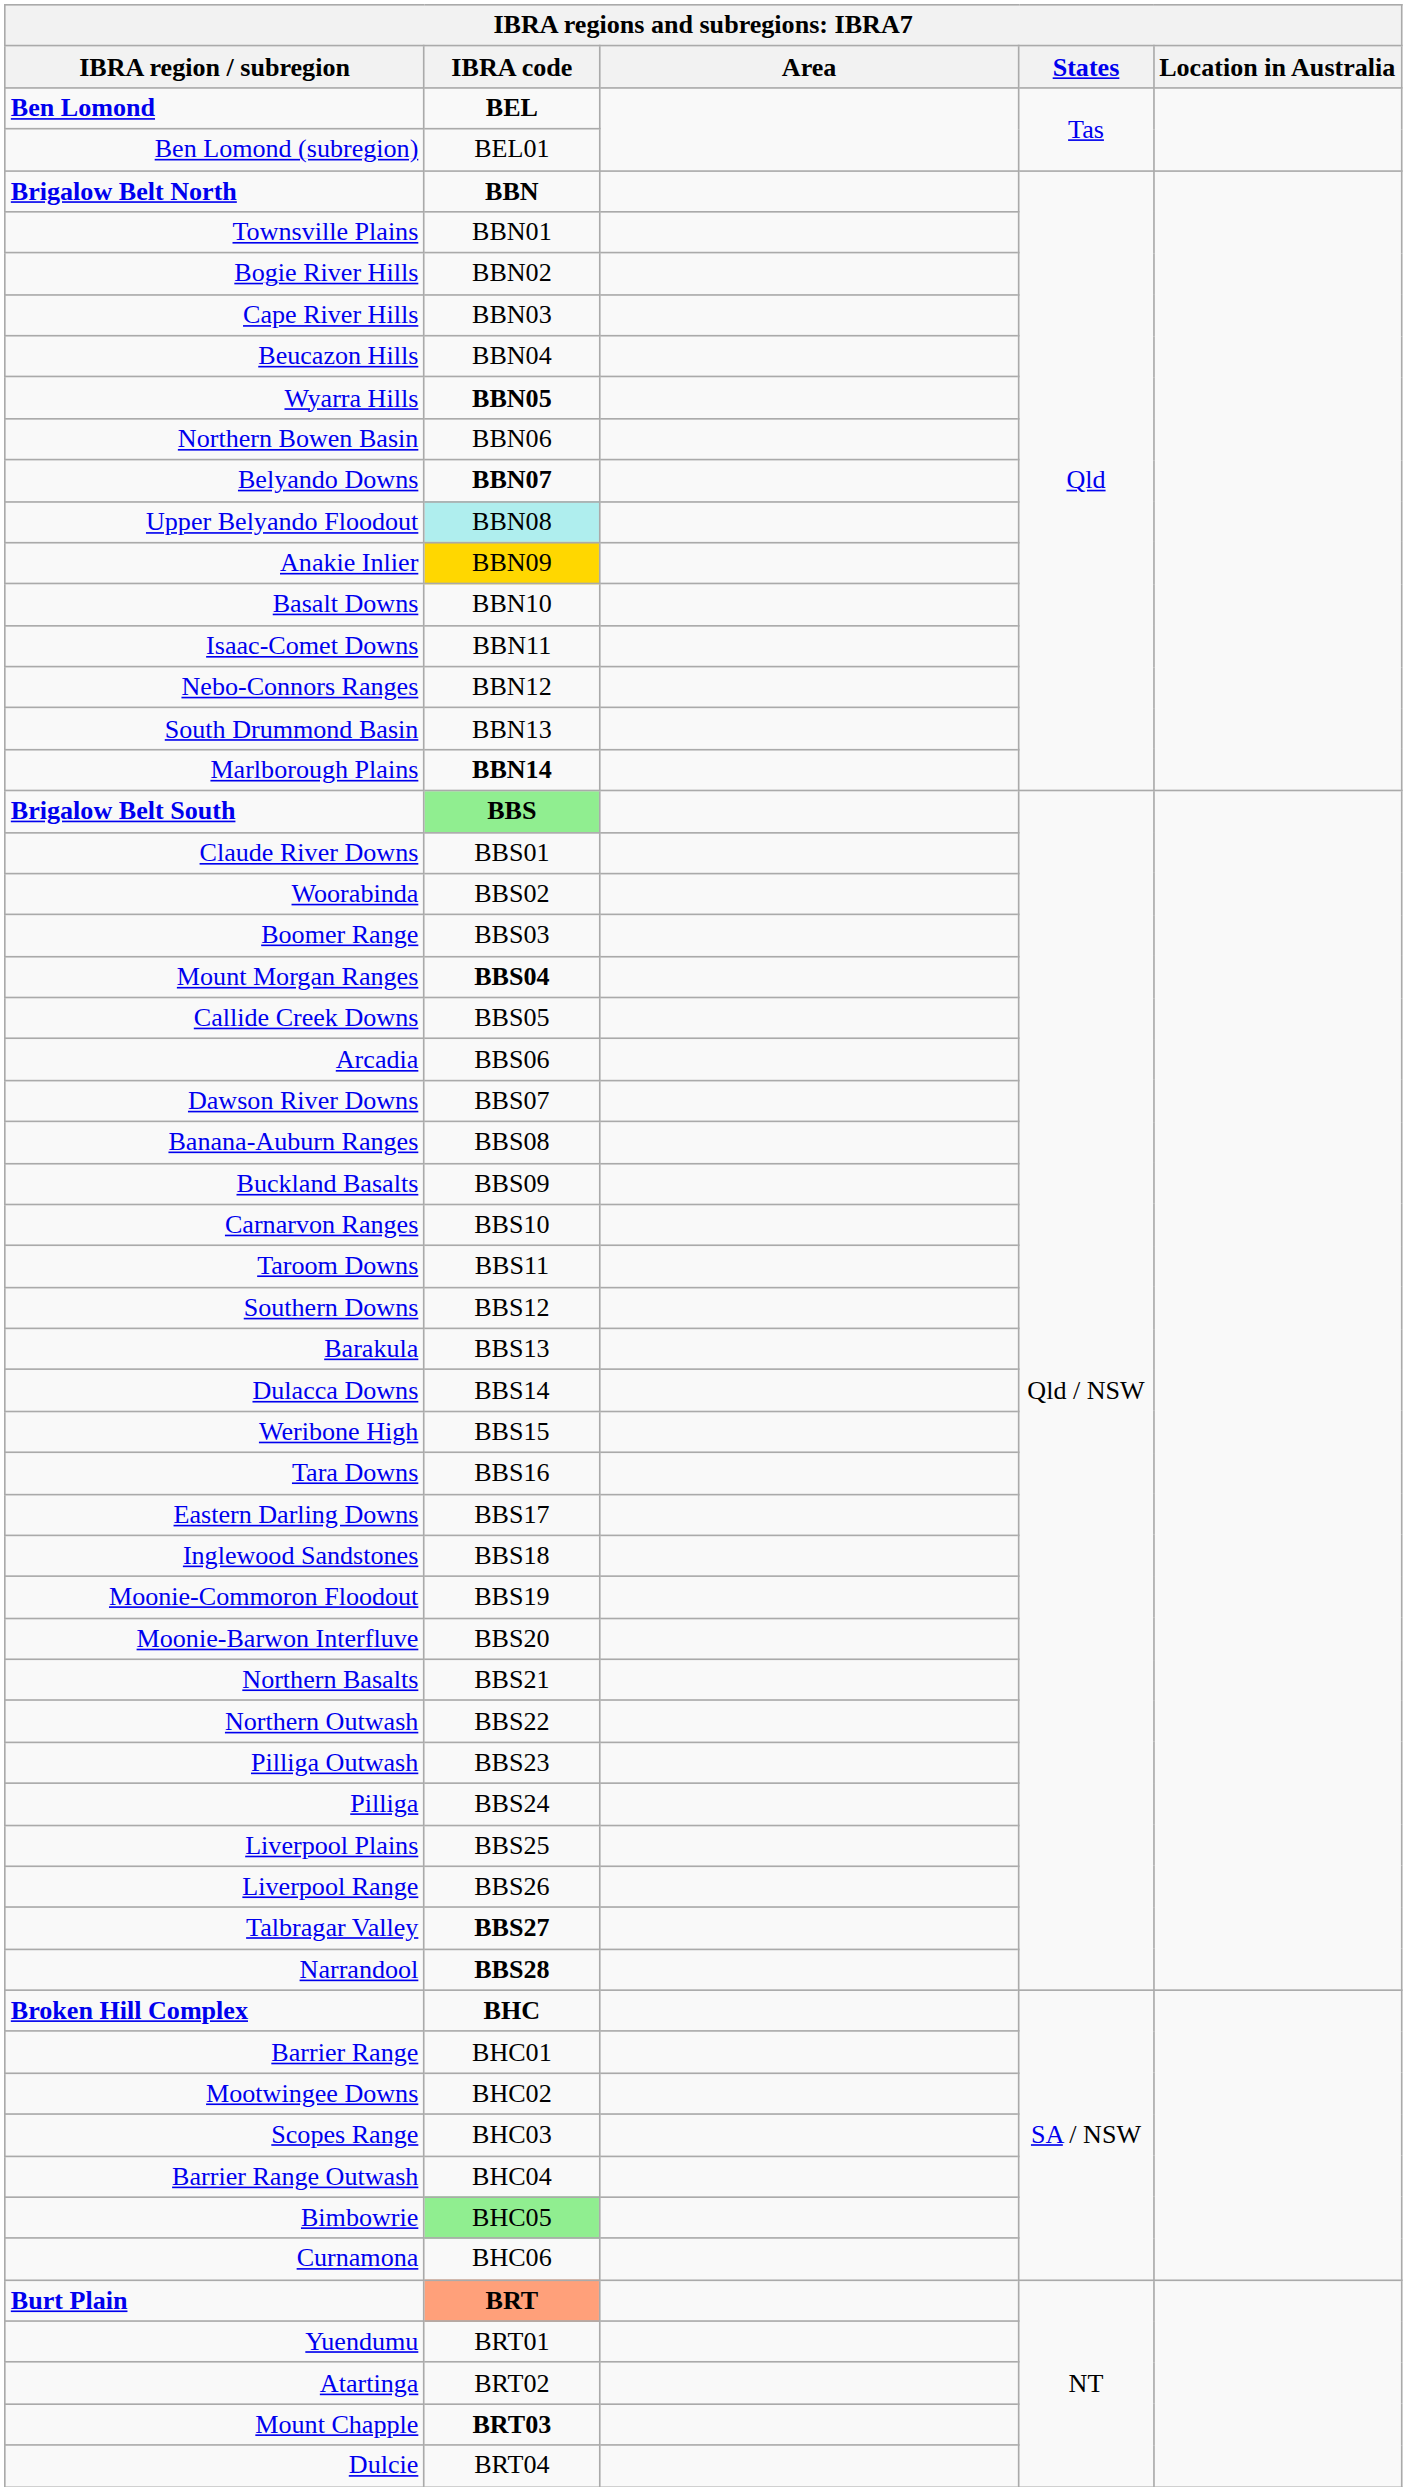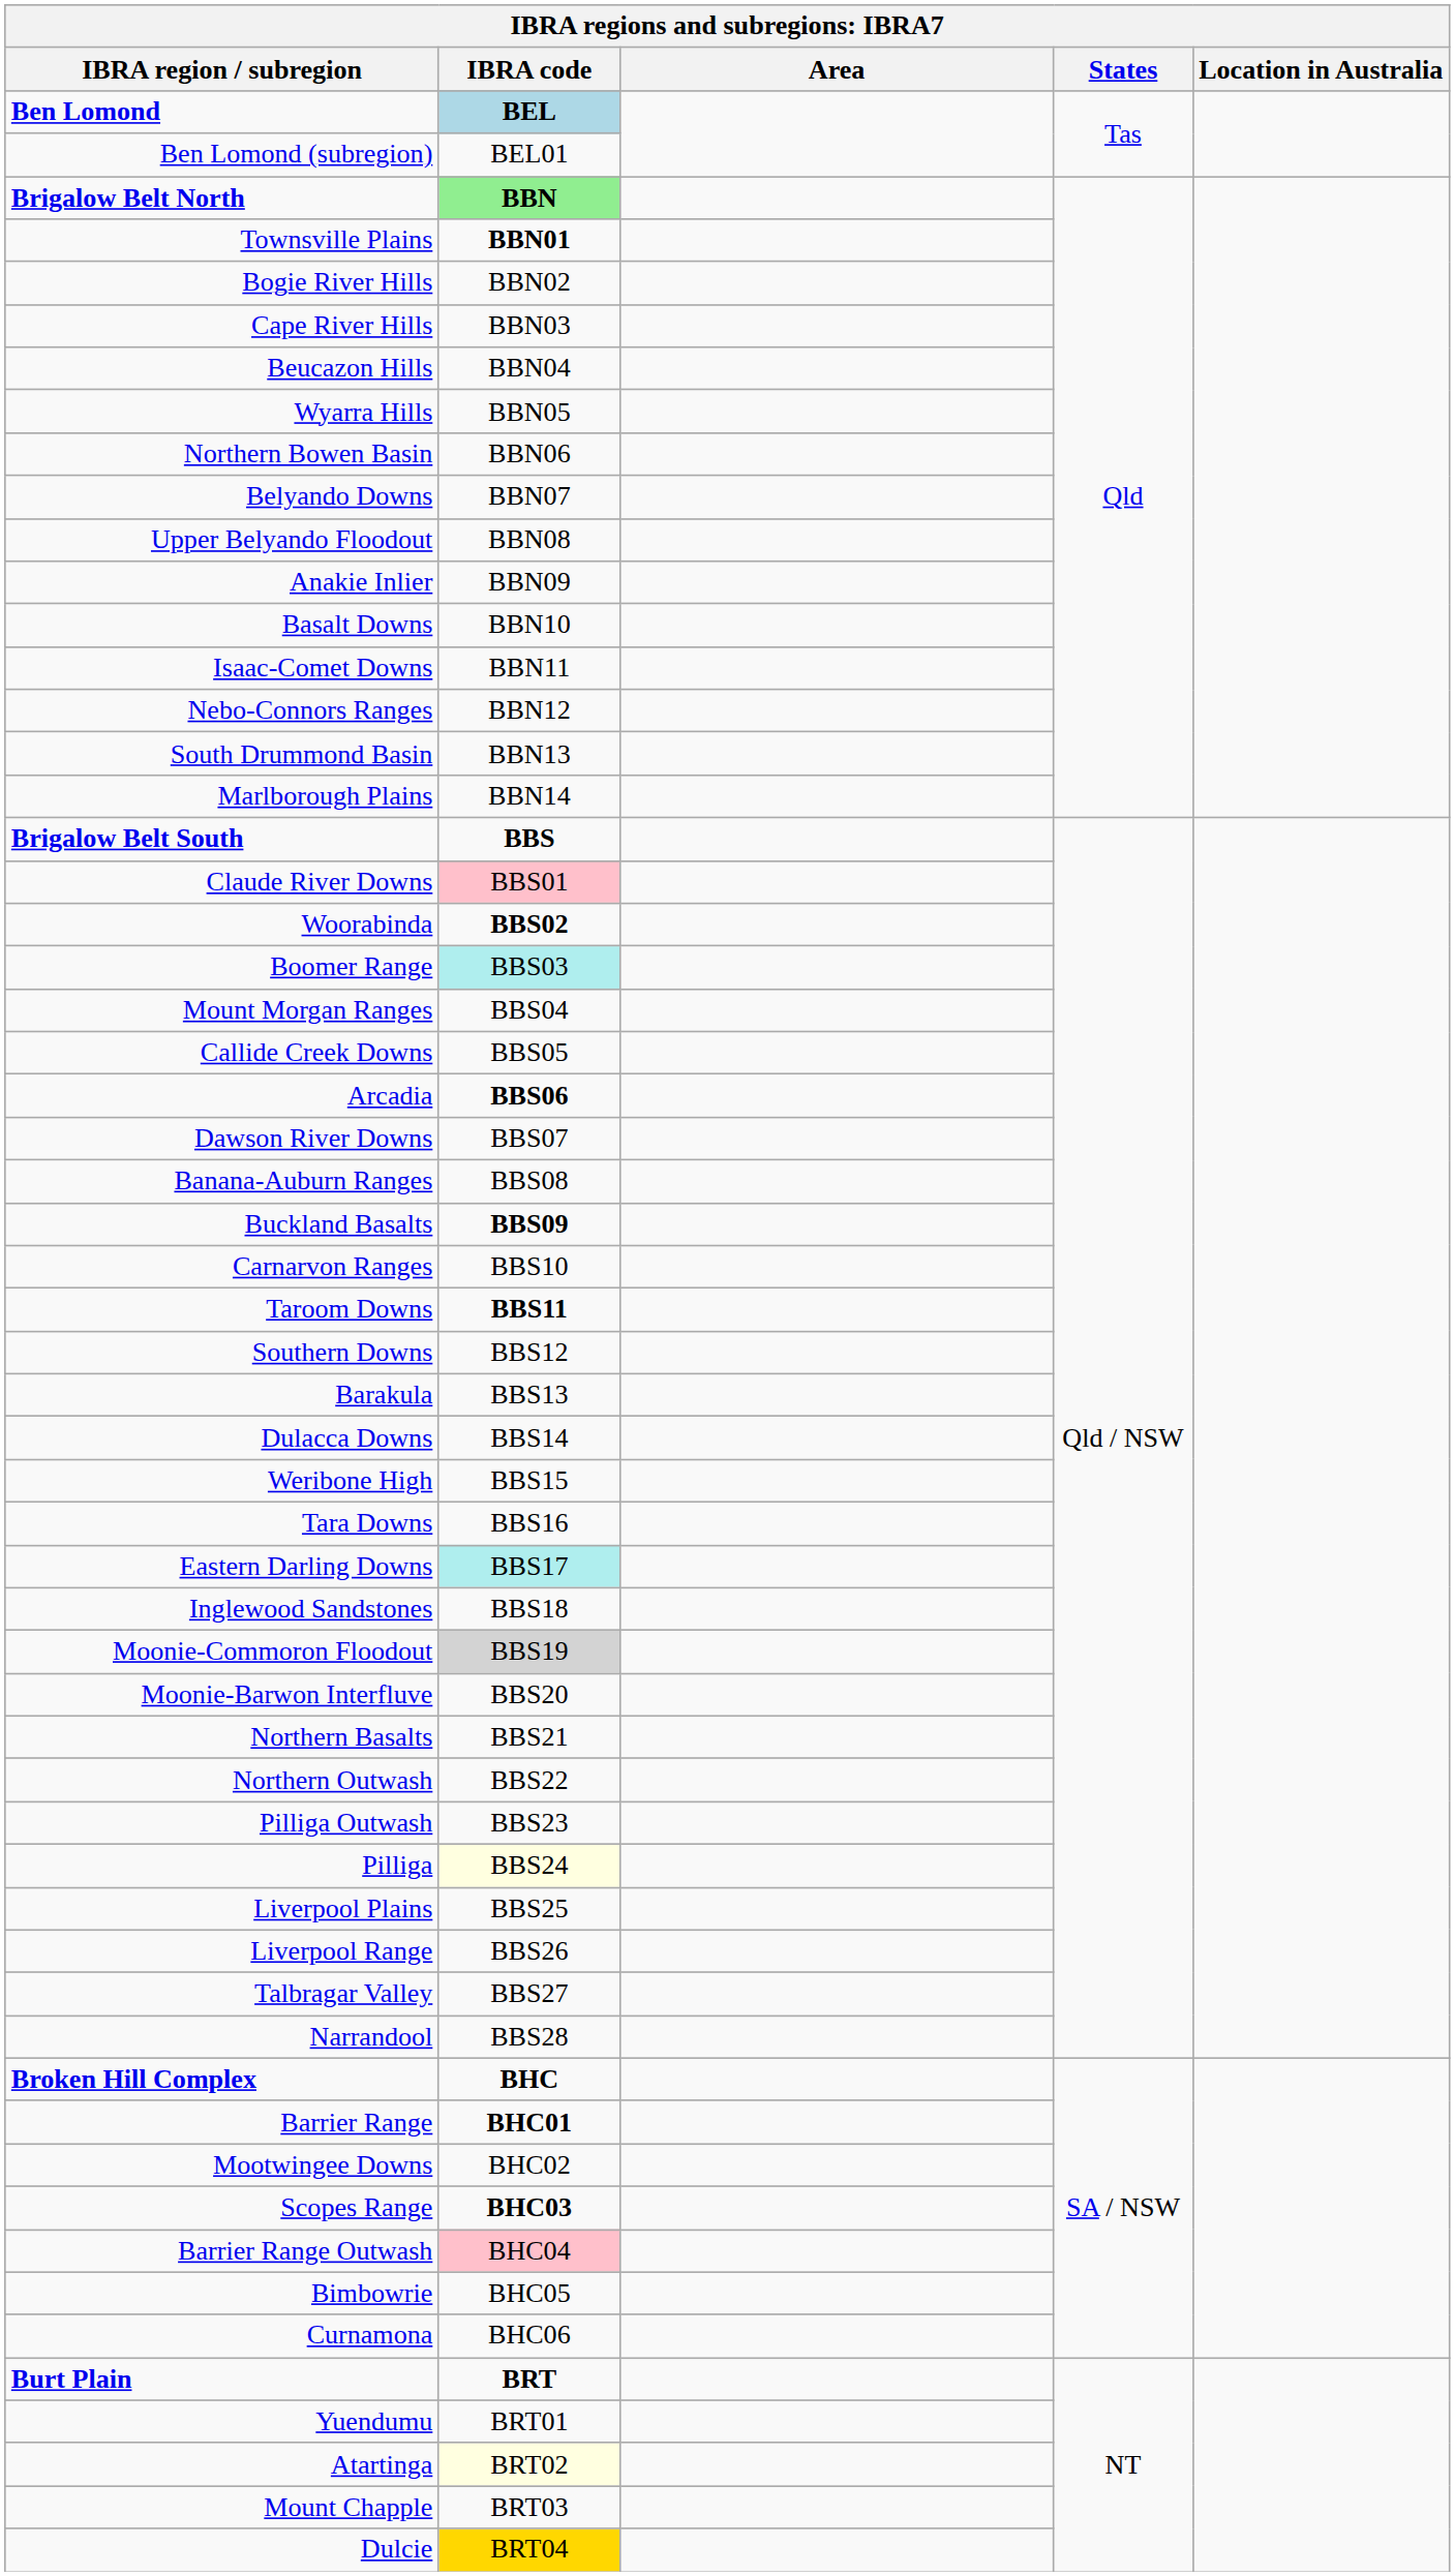 <table class="wikitable sortable">
 <tr>
 <th colspan=5>IBRA regions and subregions: IBRA7</th>
 </tr>
 <tr>
 <th scope="col" style="width:250px;">IBRA region / subregion</th>
 <th scope="col" style="width:100px;">IBRA code</th>
 <th scope="col" style="width:250px;">Area</th>
 <th scope="col" style="width:75px;"><a href='#'>States</a></th>
 <th>Location in Australia</th>
 </tr>
 <tr>
 <td><strong><a href='#'>Ben Lomond</a></strong></td>
-<td style="text-align:center;"><strong>BEL</strong></td>
+<td style="background: lightblue; text-align:center;"><strong>BEL</strong></td>
 <td style="text-align:right;" rowspan="2"><strong></strong></td>
 <td style="text-align:center;" rowspan="2"><a href='#'>Tas</a></td>
 <td style="text-align:center;" rowspan="2"></td>
 </tr>
 <tr>
 <td align="right"><a href='#'>Ben Lomond (subregion)</a></td>
 <td style="text-align:center;">BEL01</td>
 </tr>
 <tr>
 <td><strong><a href='#'>Brigalow Belt North</a></strong></td>
-<td style="text-align:center;"><strong>BBN</strong></td>
+<td style="background: lightgreen; text-align:center;"><strong>BBN</strong></td>
 <td align="right"><strong></strong></td>
 <td style="text-align:center;" rowspan="15"><a href='#'>Qld</a></td>
 <td style="text-align:center;" rowspan="15"></td>
 </tr>
 <tr>
 <td align="right"><a href='#'>Townsville Plains</a></td>
-<td style="text-align:center;">BBN01</td>
+<td style="text-align:center;"><strong>BBN01</strong></td>
 <td align="right"></td>
 </tr>
 <tr>
 <td align="right"><a href='#'>Bogie River Hills</a></td>
 <td style="text-align:center;">BBN02</td>
 <td align="right"></td>
 </tr>
 <tr>
 <td align="right"><a href='#'>Cape River Hills</a></td>
 <td style="text-align:center;">BBN03</td>
 <td align="right"></td>
 </tr>
 <tr>
 <td align="right"><a href='#'>Beucazon Hills</a></td>
 <td style="text-align:center;">BBN04</td>
 <td align="right"></td>
 </tr>
 <tr>
 <td align="right"><a href='#'>Wyarra Hills</a></td>
-<td style="text-align:center;"><strong>BBN05</strong></td>
+<td style="text-align:center;">BBN05</td>
 <td align="right"></td>
 </tr>
 <tr>
 <td align="right"><a href='#'>Northern Bowen Basin</a></td>
 <td style="text-align:center;">BBN06</td>
 <td align="right"></td>
 </tr>
 <tr>
 <td align="right"><a href='#'>Belyando Downs</a></td>
-<td style="text-align:center;"><strong>BBN07</strong></td>
+<td style="text-align:center;">BBN07</td>
 <td align="right"></td>
 </tr>
 <tr>
 <td align="right"><a href='#'>Upper Belyando Floodout</a></td>
-<td style="background: paleturquoise; text-align:center;">BBN08</td>
+<td style="text-align:center;">BBN08</td>
 <td align="right"></td>
 </tr>
 <tr>
 <td align="right"><a href='#'>Anakie Inlier</a></td>
-<td style="background: gold; text-align:center;">BBN09</td>
+<td style="text-align:center;">BBN09</td>
 <td align="right"></td>
 </tr>
 <tr>
 <td align="right"><a href='#'>Basalt Downs</a></td>
 <td style="text-align:center;">BBN10</td>
 <td align="right"></td>
 </tr>
 <tr>
 <td align="right"><a href='#'>Isaac-Comet Downs</a></td>
 <td style="text-align:center;">BBN11</td>
 <td align="right"></td>
 </tr>
 <tr>
 <td align="right"><a href='#'>Nebo-Connors Ranges</a></td>
 <td style="text-align:center;">BBN12</td>
 <td align="right"></td>
 </tr>
 <tr>
 <td align="right"><a href='#'>South Drummond Basin</a></td>
 <td style="text-align:center;">BBN13</td>
 <td align="right"></td>
 </tr>
 <tr>
 <td align="right"><a href='#'>Marlborough Plains</a></td>
-<td style="text-align:center;"><strong>BBN14</strong></td>
+<td style="text-align:center;">BBN14</td>
 <td align="right"></td>
 </tr>
 <tr>
 <td><strong><a href='#'>Brigalow Belt South</a></strong></td>
-<td style="background: lightgreen; text-align:center;"><strong>BBS</strong></td>
+<td style="text-align:center;"><strong>BBS</strong></td>
 <td align="right"><strong></strong></td>
 <td style="text-align:center;" rowspan="29">Qld / NSW</td>
 <td style="text-align:center;" rowspan="29"></td>
 </tr>
 <tr>
 <td align="right"><a href='#'>Claude River Downs</a></td>
-<td style="text-align:center;">BBS01</td>
+<td style="background: pink; text-align:center;">BBS01</td>
 <td align="right"></td>
 </tr>
 <tr>
 <td align="right"><a href='#'>Woorabinda</a></td>
-<td style="text-align:center;">BBS02</td>
+<td style="text-align:center;"><strong>BBS02</strong></td>
 <td align="right"></td>
 </tr>
 <tr>
 <td align="right"><a href='#'>Boomer Range</a></td>
-<td style="text-align:center;">BBS03</td>
+<td style="background: paleturquoise; text-align:center;">BBS03</td>
 <td align="right"></td>
 </tr>
 <tr>
 <td align="right"><a href='#'>Mount Morgan Ranges</a></td>
-<td style="text-align:center;"><strong>BBS04</strong></td>
+<td style="text-align:center;">BBS04</td>
 <td align="right"></td>
 </tr>
 <tr>
 <td align="right"><a href='#'>Callide Creek Downs</a></td>
 <td style="text-align:center;">BBS05</td>
 <td align="right"></td>
 </tr>
 <tr>
 <td align="right"><a href='#'>Arcadia</a></td>
-<td style="text-align:center;">BBS06</td>
+<td style="text-align:center;"><strong>BBS06</strong></td>
 <td align="right"></td>
 </tr>
 <tr>
 <td align="right"><a href='#'>Dawson River Downs</a></td>
 <td style="text-align:center;">BBS07</td>
 <td align="right"></td>
 </tr>
 <tr>
 <td align="right"><a href='#'>Banana-Auburn Ranges</a></td>
 <td style="text-align:center;">BBS08</td>
 <td align="right"></td>
 </tr>
 <tr>
 <td align="right"><a href='#'>Buckland Basalts</a></td>
-<td style="text-align:center;">BBS09</td>
+<td style="text-align:center;"><strong>BBS09</strong></td>
 <td align="right"></td>
 </tr>
 <tr>
 <td align="right"><a href='#'>Carnarvon Ranges</a></td>
 <td style="text-align:center;">BBS10</td>
 <td align="right"></td>
 </tr>
 <tr>
 <td align="right"><a href='#'>Taroom Downs</a></td>
-<td style="text-align:center;">BBS11</td>
+<td style="text-align:center;"><strong>BBS11</strong></td>
 <td align="right"></td>
 </tr>
 <tr>
 <td align="right"><a href='#'>Southern Downs</a></td>
 <td style="text-align:center;">BBS12</td>
 <td align="right"></td>
 </tr>
 <tr>
 <td align="right"><a href='#'>Barakula</a></td>
 <td style="text-align:center;">BBS13</td>
 <td align="right"></td>
 </tr>
 <tr>
 <td align="right"><a href='#'>Dulacca Downs</a></td>
 <td style="text-align:center;">BBS14</td>
 <td align="right"></td>
 </tr>
 <tr>
 <td align="right"><a href='#'>Weribone High</a></td>
 <td style="text-align:center;">BBS15</td>
 <td align="right"></td>
 </tr>
 <tr>
 <td align="right"><a href='#'>Tara Downs</a></td>
 <td style="text-align:center;">BBS16</td>
 <td align="right"></td>
 </tr>
 <tr>
 <td align="right"><a href='#'>Eastern Darling Downs</a></td>
-<td style="text-align:center;">BBS17</td>
+<td style="background: paleturquoise; text-align:center;">BBS17</td>
 <td align="right"></td>
 </tr>
 <tr>
 <td align="right"><a href='#'>Inglewood Sandstones</a></td>
 <td style="text-align:center;">BBS18</td>
 <td align="right"></td>
 </tr>
 <tr>
 <td align="right"><a href='#'>Moonie-Commoron Floodout</a></td>
-<td style="text-align:center;">BBS19</td>
+<td style="background: lightgrey; text-align:center;">BBS19</td>
 <td align="right"></td>
 </tr>
 <tr>
 <td align="right"><a href='#'>Moonie-Barwon Interfluve</a></td>
 <td style="text-align:center;">BBS20</td>
 <td align="right"></td>
 </tr>
 <tr>
 <td align="right"><a href='#'>Northern Basalts</a></td>
 <td style="text-align:center;">BBS21</td>
 <td align="right"></td>
 </tr>
 <tr>
 <td align="right"><a href='#'>Northern Outwash</a></td>
 <td style="text-align:center;">BBS22</td>
 <td align="right"></td>
 </tr>
 <tr>
 <td align="right"><a href='#'>Pilliga Outwash</a></td>
 <td style="text-align:center;">BBS23</td>
 <td align="right"></td>
 </tr>
 <tr>
 <td align="right"><a href='#'>Pilliga</a></td>
-<td style="text-align:center;">BBS24</td>
+<td style="background: lightyellow; text-align:center;">BBS24</td>
 <td align="right"></td>
 </tr>
 <tr>
 <td align="right"><a href='#'>Liverpool Plains</a></td>
 <td style="text-align:center;">BBS25</td>
 <td align="right"></td>
 </tr>
 <tr>
 <td align="right"><a href='#'>Liverpool Range</a></td>
 <td style="text-align:center;">BBS26</td>
 <td align="right"></td>
 </tr>
 <tr>
 <td align="right"><a href='#'>Talbragar Valley</a></td>
-<td style="text-align:center;"><strong>BBS27</strong></td>
+<td style="text-align:center;">BBS27</td>
 <td align="right"></td>
 </tr>
 <tr>
 <td align="right"><a href='#'>Narrandool</a></td>
-<td style="text-align:center;"><strong>BBS28</strong></td>
+<td style="text-align:center;">BBS28</td>
 <td align="right"></td>
 </tr>
 <tr>
 <td><strong><a href='#'>Broken Hill Complex</a></strong></td>
 <td style="text-align:center;"><strong>BHC</strong></td>
 <td align="right"><strong></strong></td>
 <td style="text-align:center;" rowspan="7"><a href='#'>SA</a> / NSW</td>
 <td style="text-align:center;" rowspan="7"></td>
 </tr>
 <tr>
 <td align="right"><a href='#'>Barrier Range</a></td>
-<td style="text-align:center;">BHC01</td>
+<td style="text-align:center;"><strong>BHC01</strong></td>
 <td align="right"></td>
 </tr>
 <tr>
 <td align="right"><a href='#'>Mootwingee Downs</a></td>
 <td style="text-align:center;">BHC02</td>
 <td align="right"></td>
 </tr>
 <tr>
 <td align="right"><a href='#'>Scopes Range</a></td>
-<td style="text-align:center;">BHC03</td>
+<td style="text-align:center;"><strong>BHC03</strong></td>
 <td align="right"></td>
 </tr>
 <tr>
 <td align="right"><a href='#'>Barrier Range Outwash</a></td>
-<td style="text-align:center;">BHC04</td>
+<td style="background: pink; text-align:center;">BHC04</td>
 <td align="right"></td>
 </tr>
 <tr>
 <td align="right"><a href='#'>Bimbowrie</a></td>
-<td style="background: lightgreen; text-align:center;">BHC05</td>
+<td style="text-align:center;">BHC05</td>
 <td align="right"></td>
 </tr>
 <tr>
 <td align="right"><a href='#'>Curnamona</a></td>
 <td style="text-align:center;">BHC06</td>
 <td align="right"></td>
 </tr>
 <tr>
 <td><strong><a href='#'>Burt Plain</a></strong></td>
-<td style="background: lightsalmon; text-align:center;"><strong>BRT</strong></td>
+<td style="text-align:center;"><strong>BRT</strong></td>
 <td align="right"><strong></strong></td>
 <td style="text-align:center;" rowspan="5">NT</td>
 <td style="text-align:center;" rowspan="5"></td>
 </tr>
 <tr>
 <td align="right"><a href='#'>Yuendumu</a></td>
 <td style="text-align:center;">BRT01</td>
 <td align="right"></td>
 </tr>
 <tr>
 <td align="right"><a href='#'>Atartinga</a></td>
-<td style="text-align:center;">BRT02</td>
+<td style="background: lightyellow; text-align:center;">BRT02</td>
 <td align="right"></td>
 </tr>
 <tr>
 <td align="right"><a href='#'>Mount Chapple</a></td>
-<td style="text-align:center;"><strong>BRT03</strong></td>
+<td style="text-align:center;">BRT03</td>
 <td align="right"></td>
 </tr>
 <tr>
 <td align="right"><a href='#'>Dulcie</a></td>
-<td style="text-align:center;">BRT04</td>
+<td style="background: gold; text-align:center;">BRT04</td>
 <td align="right"></td>
 </tr>
 </table>
